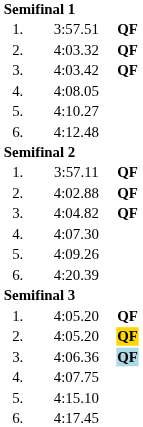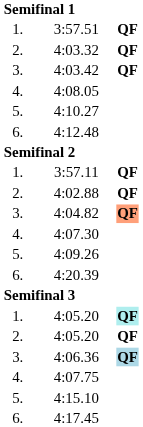 <table style="text-align:center">
 <tr>
 <td colspan=4 align=left><strong>Semifinal 1</strong></td>
 </tr>
 <tr>
 <td width=30>1.</td>
 <td align=left></td>
 <td width=80>3:57.51</td>
 <td><strong>QF</strong></td>
 </tr>
 <tr>
 <td>2.</td>
 <td align=left></td>
 <td>4:03.32</td>
 <td><strong>QF</strong></td>
 </tr>
 <tr>
 <td>3.</td>
 <td align=left></td>
 <td>4:03.42</td>
 <td><strong>QF</strong></td>
 </tr>
 <tr>
 <td>4.</td>
 <td align=left></td>
 <td>4:08.05</td>
 <td></td>
 </tr>
 <tr>
 <td>5.</td>
 <td align=left></td>
 <td>4:10.27</td>
 <td></td>
 </tr>
 <tr>
 <td>6.</td>
 <td align=left></td>
 <td>4:12.48</td>
 <td></td>
 </tr>
 <tr>
 <td colspan=4 align=left><strong>Semifinal 2</strong></td>
 </tr>
 <tr>
 <td>1.</td>
 <td align=left></td>
 <td>3:57.11</td>
 <td><strong>QF</strong></td>
 </tr>
 <tr>
 <td>2.</td>
 <td align=left></td>
 <td>4:02.88</td>
 <td><strong>QF</strong></td>
 </tr>
 <tr>
 <td>3.</td>
 <td align=left></td>
 <td>4:04.82</td>
-<td><strong>QF</strong></td>
+<td style="background: lightsalmon;"><strong>QF</strong></td>
 </tr>
 <tr>
 <td>4.</td>
 <td align=left></td>
 <td>4:07.30</td>
 <td></td>
 </tr>
 <tr>
 <td>5.</td>
 <td align=left></td>
 <td>4:09.26</td>
 <td></td>
 </tr>
 <tr>
 <td>6.</td>
 <td align=left></td>
 <td>4:20.39</td>
 <td></td>
 </tr>
 <tr>
 <td colspan=4 align=left><strong>Semifinal 3</strong></td>
 </tr>
 <tr>
 <td>1.</td>
 <td align=left></td>
 <td>4:05.20</td>
-<td><strong>QF</strong></td>
+<td style="background: paleturquoise;"><strong>QF</strong></td>
 </tr>
 <tr>
 <td>2.</td>
 <td align=left></td>
 <td>4:05.20</td>
-<td style="background: gold;"><strong>QF</strong></td>
+<td><strong>QF</strong></td>
 </tr>
 <tr>
 <td>3.</td>
 <td align=left></td>
 <td>4:06.36</td>
 <td style="background: lightblue;"><strong>QF</strong></td>
 </tr>
 <tr>
 <td>4.</td>
 <td align=left></td>
 <td>4:07.75</td>
 <td></td>
 </tr>
 <tr>
 <td>5.</td>
 <td align=left></td>
 <td>4:15.10</td>
 <td></td>
 </tr>
 <tr>
 <td>6.</td>
 <td align=left></td>
 <td>4:17.45</td>
 <td></td>
 </tr>
 </table>
